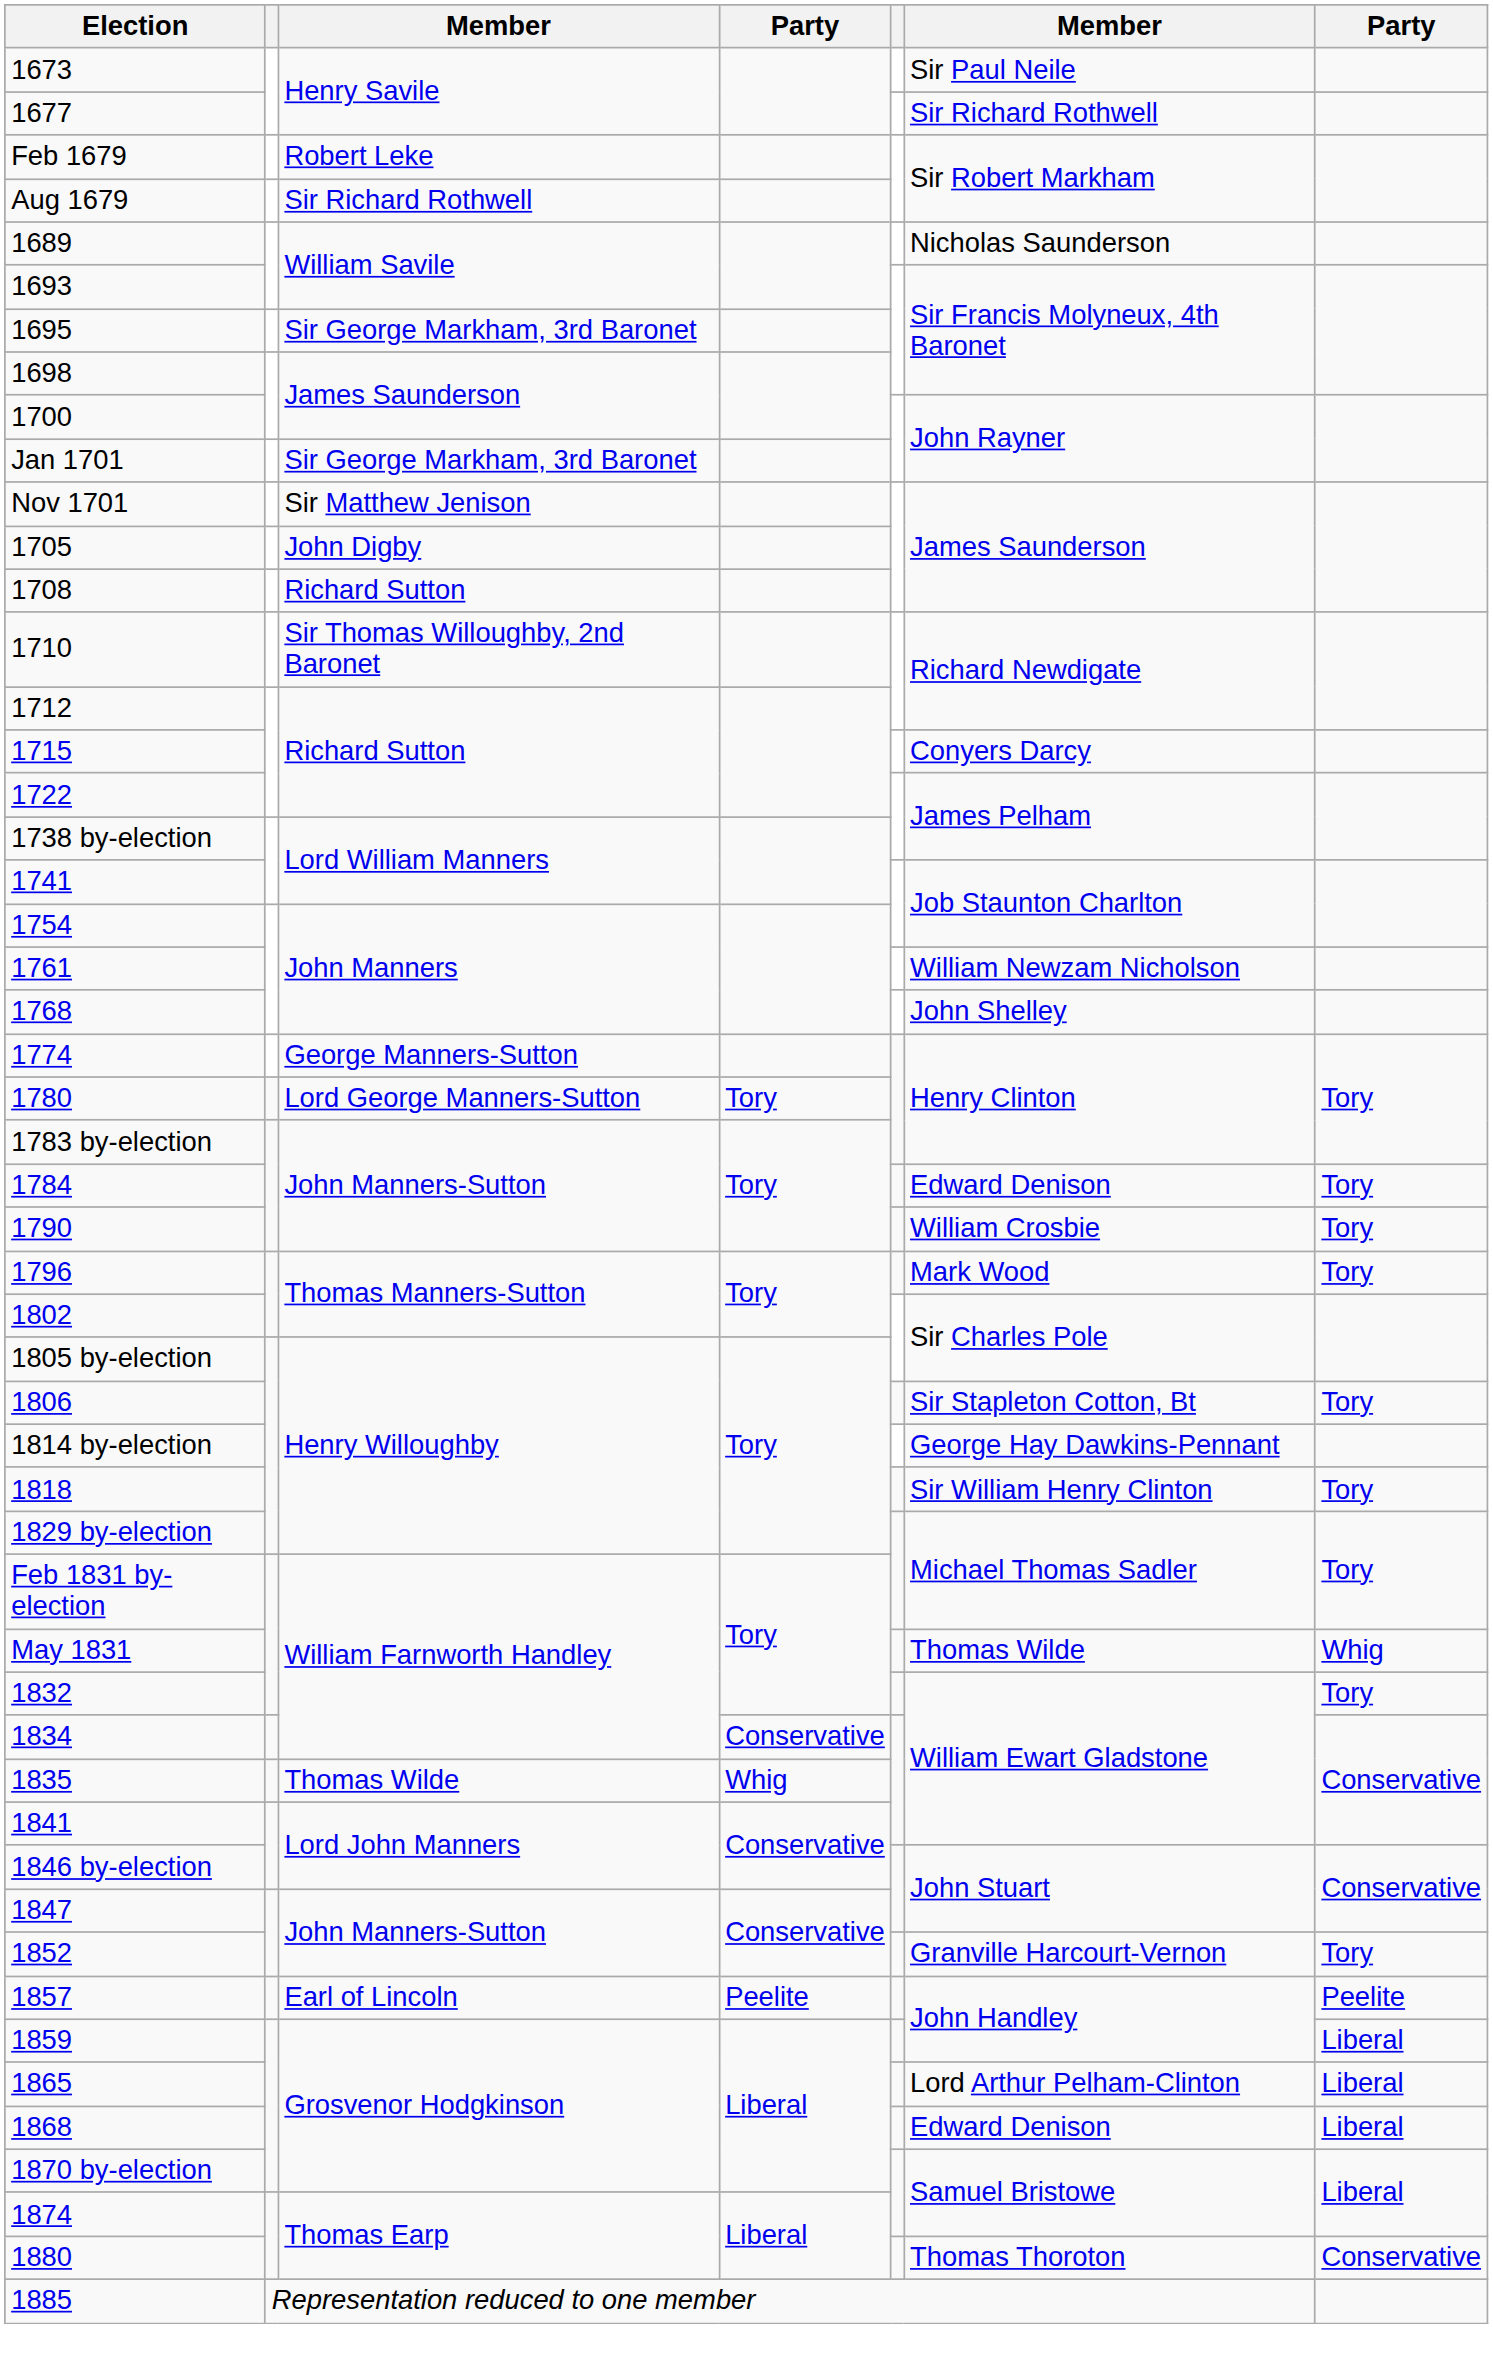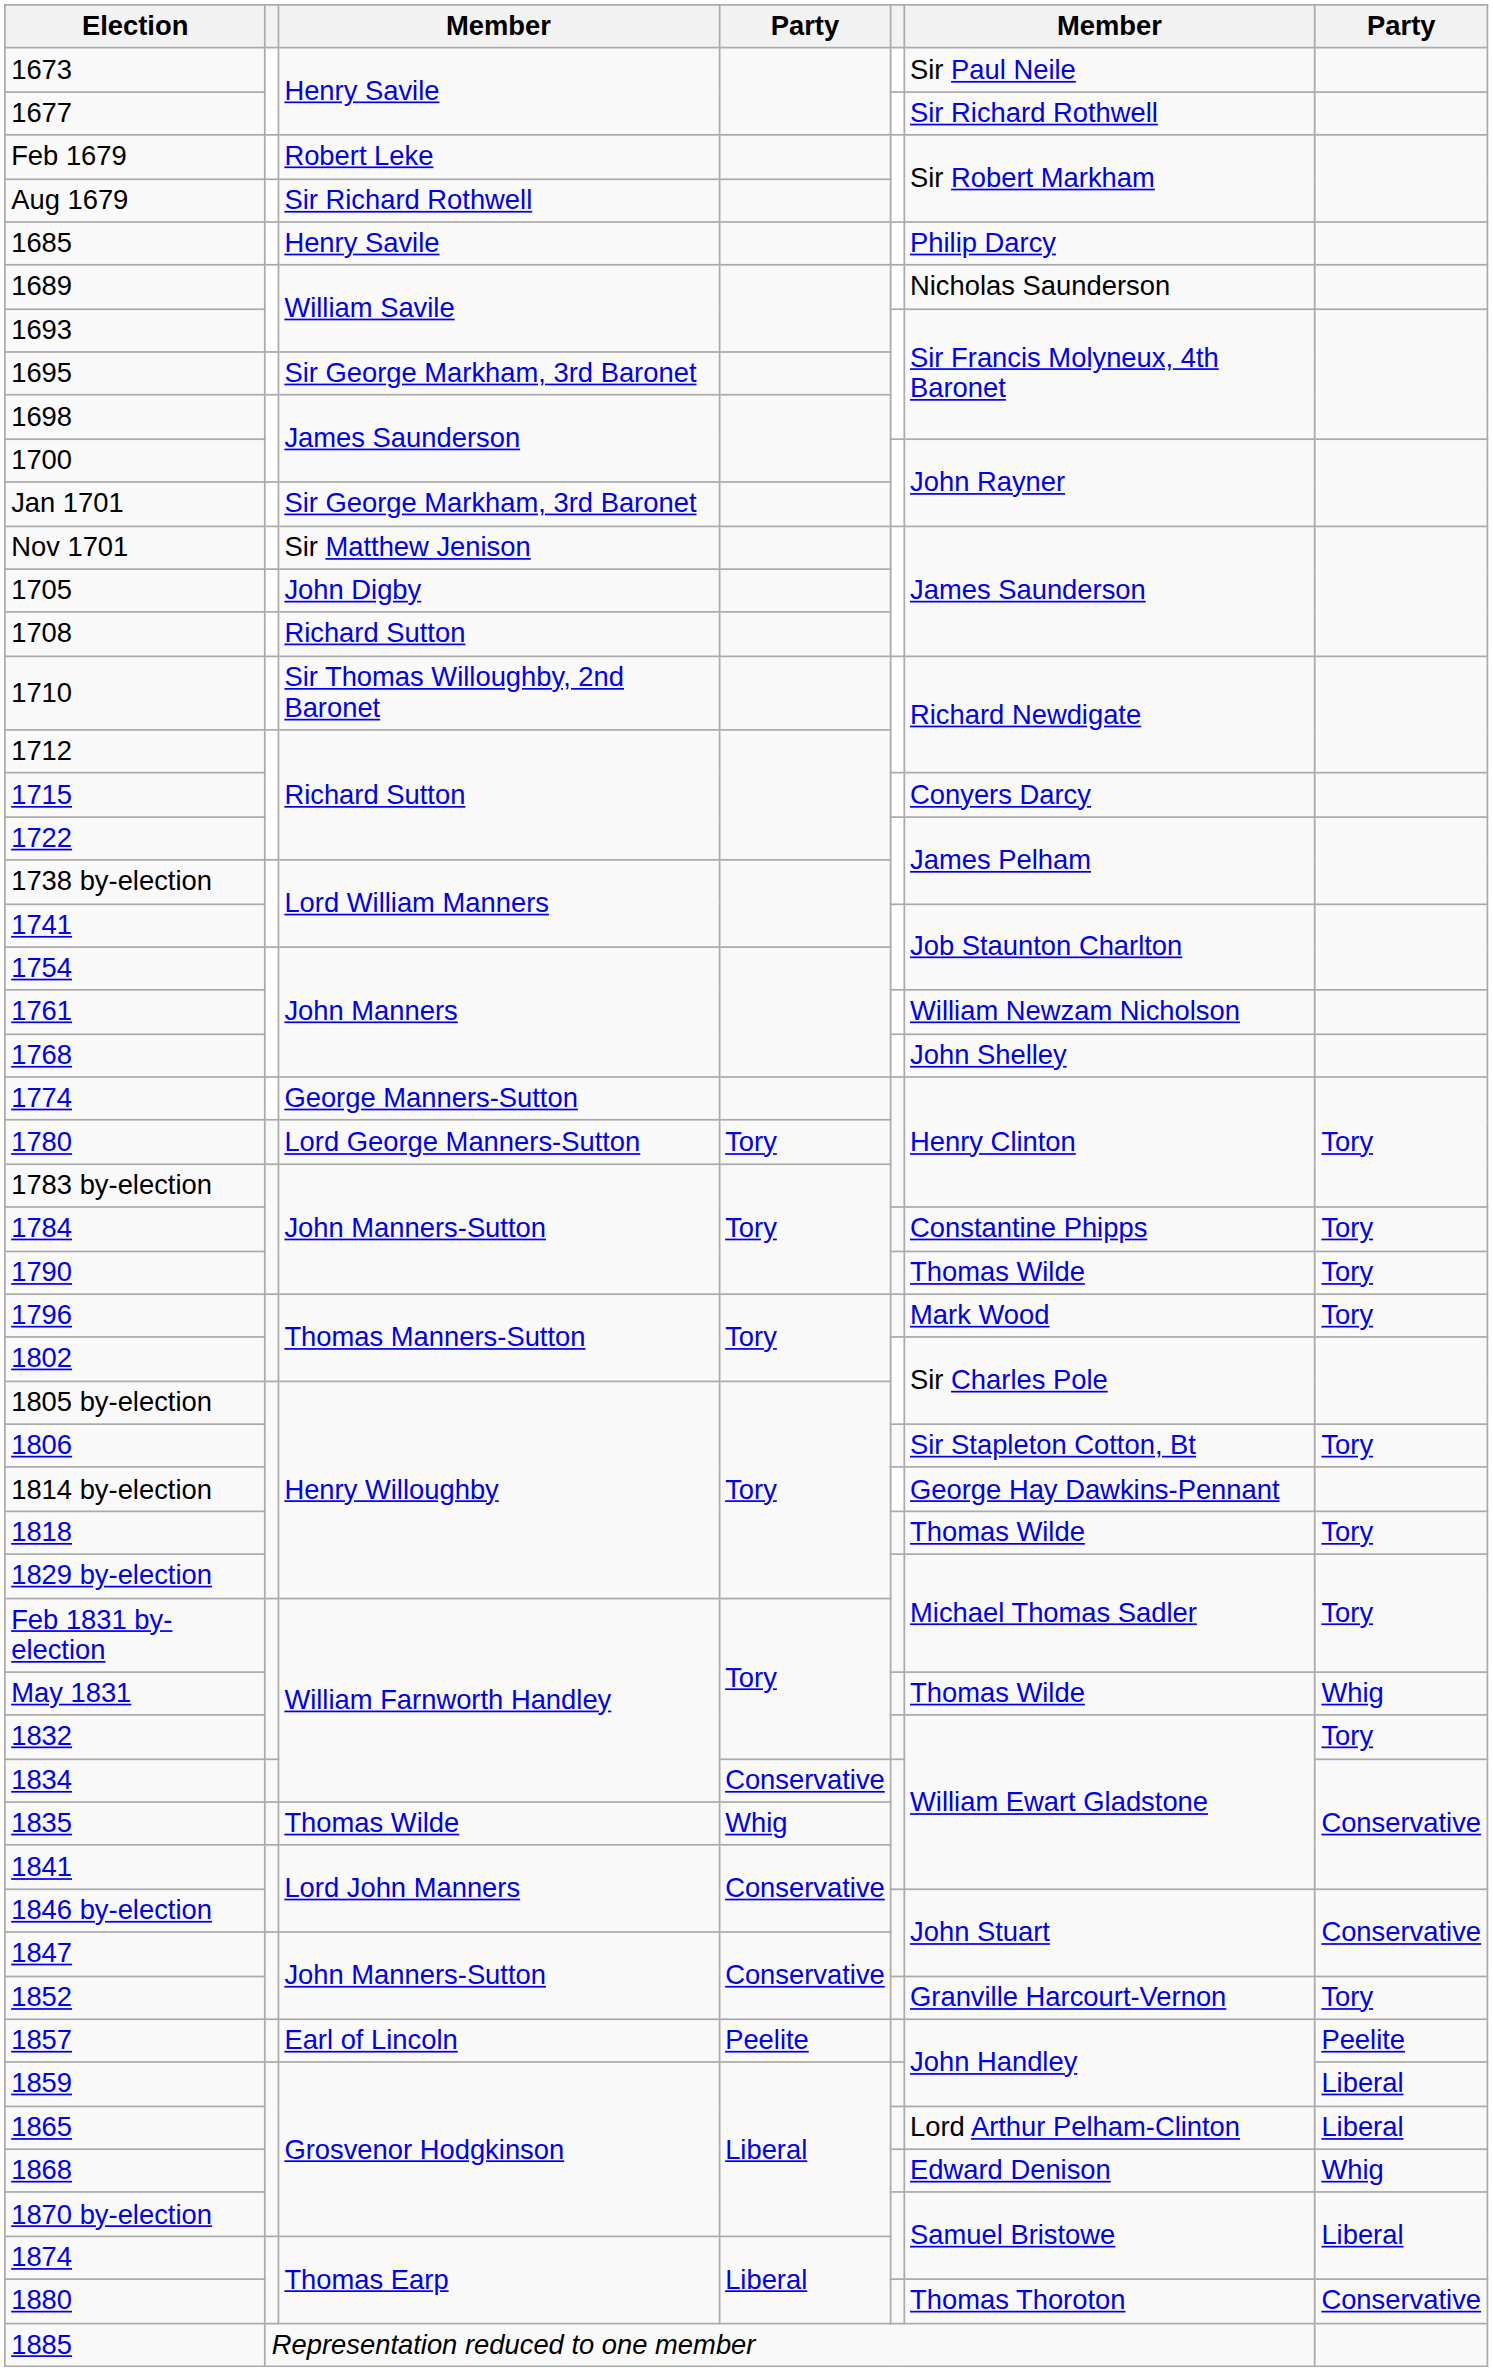 <table class="wikitable">
 <tr>
 <th>Election</th>
 <th></th>
 <th>Member</th>
 <th>Party</th>
 <th></th>
 <th>Member</th>
 <th>Party</th>
 </tr>
 <tr>
 <td>1673</td>
 <td rowspan="2" style="color:inherit;background-color: white"></td>
 <td rowspan="2"><a href='#'>Henry Savile</a></td>
 <td rowspan="2"></td>
 <td style="color:inherit;background-color: white"></td>
 <td>Sir <a href='#'>Paul Neile</a></td>
 <td></td>
 </tr>
 <tr>
 <td>1677</td>
 <td style="color:inherit;background-color: white"></td>
 <td><a href='#'>Sir Richard Rothwell</a></td>
 <td></td>
 </tr>
 <tr>
 <td>Feb 1679</td>
 <td style="color:inherit;background-color: white"></td>
 <td><a href='#'>Robert Leke</a></td>
 <td></td>
 <td rowspan="2" style="color:inherit;background-color: white"></td>
 <td rowspan="2">Sir <a href='#'>Robert Markham</a></td>
 <td rowspan="2"></td>
 </tr>
 <tr>
 <td>Aug 1679</td>
 <td style="color:inherit;background-color: white"></td>
 <td><a href='#'>Sir Richard Rothwell</a></td>
+<td></td>
+</tr>
+<tr>
+<td>1685</td>
+<td style="color:inherit;background-color: white"></td>
+<td><a href='#'>Henry Savile</a></td>
+<td></td>
+<td style="color:inherit;background-color: white"></td>
+<td><a href='#'>Philip Darcy</a></td>
 <td></td>
 </tr>
 <tr>
 <td>1689</td>
 <td rowspan="2" style="color:inherit;background-color: white"></td>
 <td rowspan="2"><a href='#'>William Savile</a></td>
 <td rowspan="2"></td>
 <td style="color:inherit;background-color: white"></td>
 <td>Nicholas Saunderson</td>
 <td></td>
 </tr>
 <tr>
 <td>1693</td>
 <td rowspan="3" style="color:inherit;background-color: white"></td>
 <td rowspan="3"><a href='#'>Sir Francis Molyneux, 4th Baronet</a></td>
 <td rowspan="3"></td>
 </tr>
 <tr>
 <td>1695</td>
 <td style="color:inherit;background-color: white"></td>
 <td><a href='#'>Sir George Markham, 3rd Baronet</a></td>
 <td></td>
 </tr>
 <tr>
 <td>1698</td>
 <td rowspan="2" style="color:inherit;background-color: white"></td>
 <td rowspan="2"><a href='#'>James Saunderson</a></td>
 <td rowspan="2"></td>
 </tr>
 <tr>
 <td>1700</td>
 <td rowspan="2" style="color:inherit;background-color: white"></td>
 <td rowspan="2"><a href='#'>John Rayner</a></td>
 <td rowspan="2"></td>
 </tr>
 <tr>
 <td>Jan 1701</td>
 <td style="color:inherit;background-color: white"></td>
 <td><a href='#'>Sir George Markham, 3rd Baronet</a></td>
 <td></td>
 </tr>
 <tr>
 <td>Nov 1701</td>
 <td style="color:inherit;background-color: white"></td>
 <td>Sir <a href='#'>Matthew Jenison</a></td>
 <td></td>
 <td rowspan="3" style="color:inherit;background-color: white"></td>
 <td rowspan="3"><a href='#'>James Saunderson</a></td>
 <td rowspan="3"></td>
 </tr>
 <tr>
 <td>1705</td>
 <td style="color:inherit;background-color: white"></td>
 <td><a href='#'>John Digby</a></td>
 <td></td>
 </tr>
 <tr>
 <td>1708</td>
 <td style="color:inherit;background-color: white"></td>
 <td><a href='#'>Richard Sutton</a></td>
 <td></td>
 </tr>
 <tr>
 <td>1710</td>
 <td style="color:inherit;background-color: white"></td>
 <td><a href='#'>Sir Thomas Willoughby, 2nd Baronet</a></td>
 <td></td>
 <td rowspan="2" style="color:inherit;background-color: white"></td>
 <td rowspan="2"><a href='#'>Richard Newdigate</a></td>
 <td rowspan="2"></td>
 </tr>
 <tr>
 <td>1712</td>
 <td rowspan="3" style="color:inherit;background-color: white"></td>
 <td rowspan="3"><a href='#'>Richard Sutton</a></td>
 <td rowspan="3"></td>
 </tr>
 <tr>
 <td><a href='#'>1715</a></td>
 <td style="color:inherit;background-color: white"></td>
 <td><a href='#'>Conyers Darcy</a></td>
 <td></td>
 </tr>
 <tr>
 <td><a href='#'>1722</a></td>
 <td rowspan="2" style="color:inherit;background-color: white"></td>
 <td rowspan="2"><a href='#'>James Pelham</a></td>
 <td rowspan="2"></td>
 </tr>
 <tr>
 <td>1738 by-election</td>
 <td rowspan="2" style="color:inherit;background-color: white"></td>
 <td rowspan="2"><a href='#'>Lord William Manners</a></td>
 <td rowspan="2"></td>
 </tr>
 <tr>
 <td><a href='#'>1741</a></td>
 <td rowspan="2" style="color:inherit;background-color: white"></td>
 <td rowspan="2"><a href='#'>Job Staunton Charlton</a></td>
 <td rowspan="2"></td>
 </tr>
 <tr>
 <td><a href='#'>1754</a></td>
 <td rowspan="3" style="color:inherit;background-color: white"></td>
 <td rowspan="3"><a href='#'>John Manners</a></td>
 <td rowspan="3"></td>
 </tr>
 <tr>
 <td><a href='#'>1761</a></td>
 <td style="color:inherit;background-color: white"></td>
 <td><a href='#'>William Newzam Nicholson</a></td>
 <td></td>
 </tr>
 <tr>
 <td><a href='#'>1768</a></td>
 <td style="color:inherit;background-color: white"></td>
 <td><a href='#'>John Shelley</a></td>
 <td></td>
 </tr>
 <tr>
 <td><a href='#'>1774</a></td>
 <td style="color:inherit;background-color: white"></td>
 <td><a href='#'>George Manners-Sutton</a></td>
 <td></td>
 <td rowspan="3" style="color:inherit;background-color: "></td>
 <td rowspan="3"><a href='#'>Henry Clinton</a></td>
 <td rowspan="3"><a href='#'>Tory</a></td>
 </tr>
 <tr>
 <td><a href='#'>1780</a></td>
 <td style="color:inherit;background-color: "></td>
 <td><a href='#'>Lord George Manners-Sutton</a></td>
 <td><a href='#'>Tory</a></td>
 </tr>
 <tr>
 <td>1783 by-election</td>
 <td rowspan="3" style="color:inherit;background-color: "></td>
 <td rowspan="3"><a href='#'>John Manners-Sutton</a></td>
 <td rowspan="3"><a href='#'>Tory</a></td>
 </tr>
 <tr>
 <td><a href='#'>1784</a></td>
 <td style="color:inherit;background-color: "></td>
-<td><a href='#'>Edward Denison</a></td>
+<td><a href='#'>Constantine Phipps</a></td>
 <td><a href='#'>Tory</a></td>
 </tr>
 <tr>
 <td><a href='#'>1790</a></td>
 <td style="color:inherit;background-color: "></td>
-<td><a href='#'>William Crosbie</a></td>
+<td><a href='#'>Thomas Wilde</a></td>
 <td><a href='#'>Tory</a></td>
 </tr>
 <tr>
 <td><a href='#'>1796</a></td>
 <td rowspan="2" style="color:inherit;background-color: "></td>
 <td rowspan="2"><a href='#'>Thomas Manners-Sutton</a></td>
 <td rowspan="2"><a href='#'>Tory</a></td>
 <td style="color:inherit;background-color: "></td>
 <td><a href='#'>Mark Wood</a></td>
 <td><a href='#'>Tory</a></td>
 </tr>
 <tr>
 <td><a href='#'>1802</a></td>
 <td rowspan="2" style="color:inherit;background-color: white"></td>
 <td rowspan="2">Sir <a href='#'>Charles Pole</a></td>
 <td rowspan="2"></td>
 </tr>
 <tr>
 <td>1805 by-election</td>
 <td rowspan="5" style="color:inherit;background-color: "></td>
 <td rowspan="5"><a href='#'>Henry Willoughby</a></td>
 <td rowspan="5"><a href='#'>Tory</a></td>
 </tr>
 <tr>
 <td><a href='#'>1806</a></td>
 <td style="color:inherit;background-color: "></td>
 <td><a href='#'>Sir Stapleton Cotton, Bt</a></td>
 <td><a href='#'>Tory</a></td>
 </tr>
 <tr>
 <td>1814 by-election</td>
 <td style="color:inherit;background-color: white"></td>
 <td><a href='#'>George Hay Dawkins-Pennant</a></td>
 <td></td>
 </tr>
 <tr>
 <td><a href='#'>1818</a></td>
 <td style="color:inherit;background-color: "></td>
-<td><a href='#'>Sir William Henry Clinton</a></td>
+<td><a href='#'>Thomas Wilde</a></td>
 <td><a href='#'>Tory</a></td>
 </tr>
 <tr>
 <td><a href='#'>1829 by-election</a></td>
 <td rowspan="2" style="color:inherit;background-color: "></td>
 <td rowspan="2"><a href='#'>Michael Thomas Sadler</a></td>
 <td rowspan="2"><a href='#'>Tory</a></td>
 </tr>
 <tr>
 <td><a href='#'>Feb 1831 by-election</a></td>
 <td rowspan="3" style="color:inherit;background-color: "></td>
 <td rowspan="4"><a href='#'>William Farnworth Handley</a></td>
 <td rowspan="3"><a href='#'>Tory</a></td>
 </tr>
 <tr>
 <td><a href='#'>May 1831</a></td>
 <td style="color:inherit;background-color: "></td>
 <td><a href='#'>Thomas Wilde</a></td>
 <td><a href='#'>Whig</a></td>
 </tr>
 <tr>
 <td><a href='#'>1832</a></td>
 <td style="color:inherit;background-color: "></td>
 <td rowspan="4"><a href='#'>William Ewart Gladstone</a></td>
 <td><a href='#'>Tory</a></td>
 </tr>
 <tr>
 <td><a href='#'>1834</a></td>
 <td style="color:inherit;background-color: "></td>
 <td><a href='#'>Conservative</a></td>
 <td rowspan="3" style="color:inherit;background-color: "></td>
 <td rowspan="3"><a href='#'>Conservative</a></td>
 </tr>
 <tr>
 <td><a href='#'>1835</a></td>
 <td style="color:inherit;background-color: "></td>
 <td><a href='#'>Thomas Wilde</a></td>
 <td><a href='#'>Whig</a></td>
 </tr>
 <tr>
 <td><a href='#'>1841</a></td>
 <td rowspan="2" style="color:inherit;background-color: "></td>
 <td rowspan="2"><a href='#'>Lord John Manners</a></td>
 <td rowspan="2"><a href='#'>Conservative</a></td>
 </tr>
 <tr>
 <td><a href='#'>1846 by-election</a></td>
 <td rowspan="2" style="color:inherit;background-color: "></td>
 <td rowspan="2"><a href='#'>John Stuart</a></td>
 <td rowspan="2"><a href='#'>Conservative</a></td>
 </tr>
 <tr>
 <td><a href='#'>1847</a></td>
 <td rowspan="2" style="color:inherit;background-color: "></td>
 <td rowspan="2"><a href='#'>John Manners-Sutton</a></td>
 <td rowspan="2"><a href='#'>Conservative</a></td>
 </tr>
 <tr>
 <td><a href='#'>1852</a></td>
 <td style="color:inherit;background-color: "></td>
 <td><a href='#'>Granville Harcourt-Vernon</a></td>
 <td><a href='#'>Tory</a></td>
 </tr>
 <tr>
 <td><a href='#'>1857</a></td>
 <td style="color:inherit;background-color: "></td>
 <td><a href='#'>Earl of Lincoln</a></td>
 <td><a href='#'>Peelite</a></td>
 <td rowspan="1" style="color:inherit;background-color: "></td>
 <td rowspan="2"><a href='#'>John Handley</a></td>
 <td rowspan="1"><a href='#'>Peelite</a></td>
 </tr>
 <tr>
 <td><a href='#'>1859</a></td>
 <td rowspan="4" style="color:inherit;background-color: "></td>
 <td rowspan="4"><a href='#'>Grosvenor Hodgkinson</a></td>
 <td rowspan="4"><a href='#'>Liberal</a></td>
 <td style="color:inherit;background-color: "></td>
 <td><a href='#'>Liberal</a></td>
 </tr>
 <tr>
 <td><a href='#'>1865</a></td>
 <td style="color:inherit;background-color: "></td>
 <td>Lord <a href='#'>Arthur Pelham-Clinton</a></td>
 <td><a href='#'>Liberal</a></td>
 </tr>
 <tr>
 <td><a href='#'>1868</a></td>
 <td style="color:inherit;background-color: "></td>
 <td><a href='#'>Edward Denison</a></td>
-<td><a href='#'>Liberal</a></td>
+<td><a href='#'>Whig</a></td>
 </tr>
 <tr>
 <td><a href='#'>1870 by-election</a></td>
 <td rowspan="2" style="color:inherit;background-color: "></td>
 <td rowspan="2"><a href='#'>Samuel Bristowe</a></td>
 <td rowspan="2"><a href='#'>Liberal</a></td>
 </tr>
 <tr>
 <td><a href='#'>1874</a></td>
 <td rowspan="2" style="color:inherit;background-color: "></td>
 <td rowspan="2"><a href='#'>Thomas Earp</a></td>
 <td rowspan="2"><a href='#'>Liberal</a></td>
 </tr>
 <tr>
 <td><a href='#'>1880</a></td>
 <td style="color:inherit;background-color: "></td>
 <td><a href='#'>Thomas Thoroton</a></td>
 <td><a href='#'>Conservative</a></td>
 </tr>
 <tr>
 <td rowspan="2"><a href='#'>1885</a></td>
 <td colspan="5"><em>Representation reduced to one member</em></td>
 </tr>
 </table>
